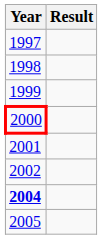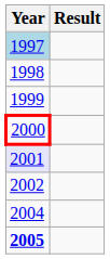 <table class="wikitable">
 <tr>
 <th>Year</th>
 <th>Result</th>
 </tr>
 <tr>
-<td><a href='#'>1997</a></td>
+<td style="background: lightblue;"><a href='#'>1997</a></td>
 <td></td>
 </tr>
 <tr>
 <td><a href='#'>1998</a></td>
 <td></td>
 </tr>
 <tr>
 <td><a href='#'>1999</a></td>
 <td></td>
 </tr>
 <tr>
 <td style="border: 3px solid red"><a href='#'>2000</a></td>
 <td></td>
 </tr>
 <tr>
-<td><a href='#'>2001</a></td>
+<td style="background: lavender;"><a href='#'>2001</a></td>
 <td></td>
 </tr>
 <tr>
 <td><a href='#'>2002</a></td>
 <td></td>
 </tr>
 <tr>
-<td><strong><a href='#'>2004</a></strong></td>
+<td><a href='#'>2004</a></td>
 <td></td>
 </tr>
 <tr>
-<td><a href='#'>2005</a></td>
+<td><strong><a href='#'>2005</a></strong></td>
 <td></td>
 </tr>
 </table>
